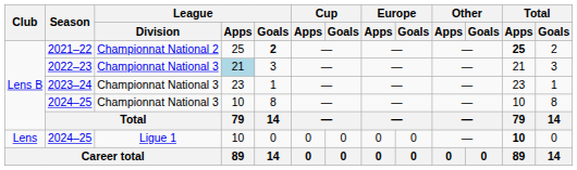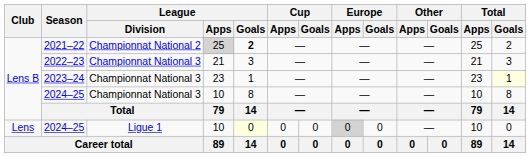 <table class="wikitable" style="text-align: center;">
 <tr>
 <th rowspan="2">Club</th>
 <th rowspan="2">Season</th>
 <th colspan="3">League</th>
 <th colspan="2">Cup</th>
 <th colspan="2">Europe</th>
 <th colspan="2">Other</th>
 <th colspan="2">Total</th>
 </tr>
 <tr>
 <th>Division</th>
 <th>Apps</th>
 <th>Goals</th>
 <th>Apps</th>
 <th>Goals</th>
 <th>Apps</th>
 <th>Goals</th>
 <th>Apps</th>
 <th>Goals</th>
 <th>Apps</th>
 <th>Goals</th>
 </tr>
 <tr>
 <td rowspan="5"><a href='#'>Lens B</a></td>
 <td><a href='#'>2021–22</a></td>
 <td><a href='#'>Championnat National 2</a></td>
-<td>25</td>
+<td style="background: lightgrey;">25</td>
 <td><strong>2</strong></td>
 <td colspan="2">—</td>
 <td colspan="2">—</td>
 <td colspan="2">—</td>
-<td><strong>25</strong></td>
+<td>25</td>
 <td>2</td>
 </tr>
 <tr>
 <td><a href='#'>2022–23</a></td>
 <td><a href='#'>Championnat National 3</a></td>
-<td style="background: lightblue;">21</td>
+<td>21</td>
 <td>3</td>
 <td colspan="2">—</td>
 <td colspan="2">—</td>
 <td colspan="2">—</td>
 <td>21</td>
 <td>3</td>
 </tr>
 <tr>
 <td><a href='#'>2023–24</a></td>
 <td>Championnat National 3</td>
 <td>23</td>
 <td>1</td>
 <td colspan="2">—</td>
 <td colspan="2">—</td>
 <td colspan="2">—</td>
 <td>23</td>
-<td>1</td>
+<td style="background: lightyellow;">1</td>
 </tr>
 <tr>
 <td><a href='#'>2024–25</a></td>
 <td>Championnat National 3</td>
 <td>10</td>
 <td>8</td>
 <td colspan="2">—</td>
 <td colspan="2">—</td>
 <td colspan="2">—</td>
 <td>10</td>
 <td>8</td>
 </tr>
 <tr>
 <th colspan="2">Total</th>
 <th>79</th>
 <th>14</th>
 <th colspan="2">—</th>
 <th colspan="2">—</th>
 <th colspan="2">—</th>
 <th>79</th>
 <th>14</th>
 </tr>
 <tr>
 <td><a href='#'>Lens</a></td>
 <td><a href='#'>2024–25</a></td>
 <td><a href='#'>Ligue 1</a></td>
 <td>10</td>
+<td style="background: lightyellow;">0</td>
 <td>0</td>
 <td>0</td>
-<td>0</td>
-<td>0</td>
+<td style="background: lightgrey;">0</td>
 <td>0</td>
 <td colspan="2">—</td>
-<td><strong>10</strong></td>
+<td>10</td>
 <td>0</td>
 </tr>
 <tr>
 <th colspan="3">Career total</th>
 <th>89</th>
 <th>14</th>
 <th>0</th>
 <th>0</th>
 <th>0</th>
 <th>0</th>
 <th>0</th>
 <th>0</th>
 <th>89</th>
 <th>14</th>
 </tr>
 </table>
